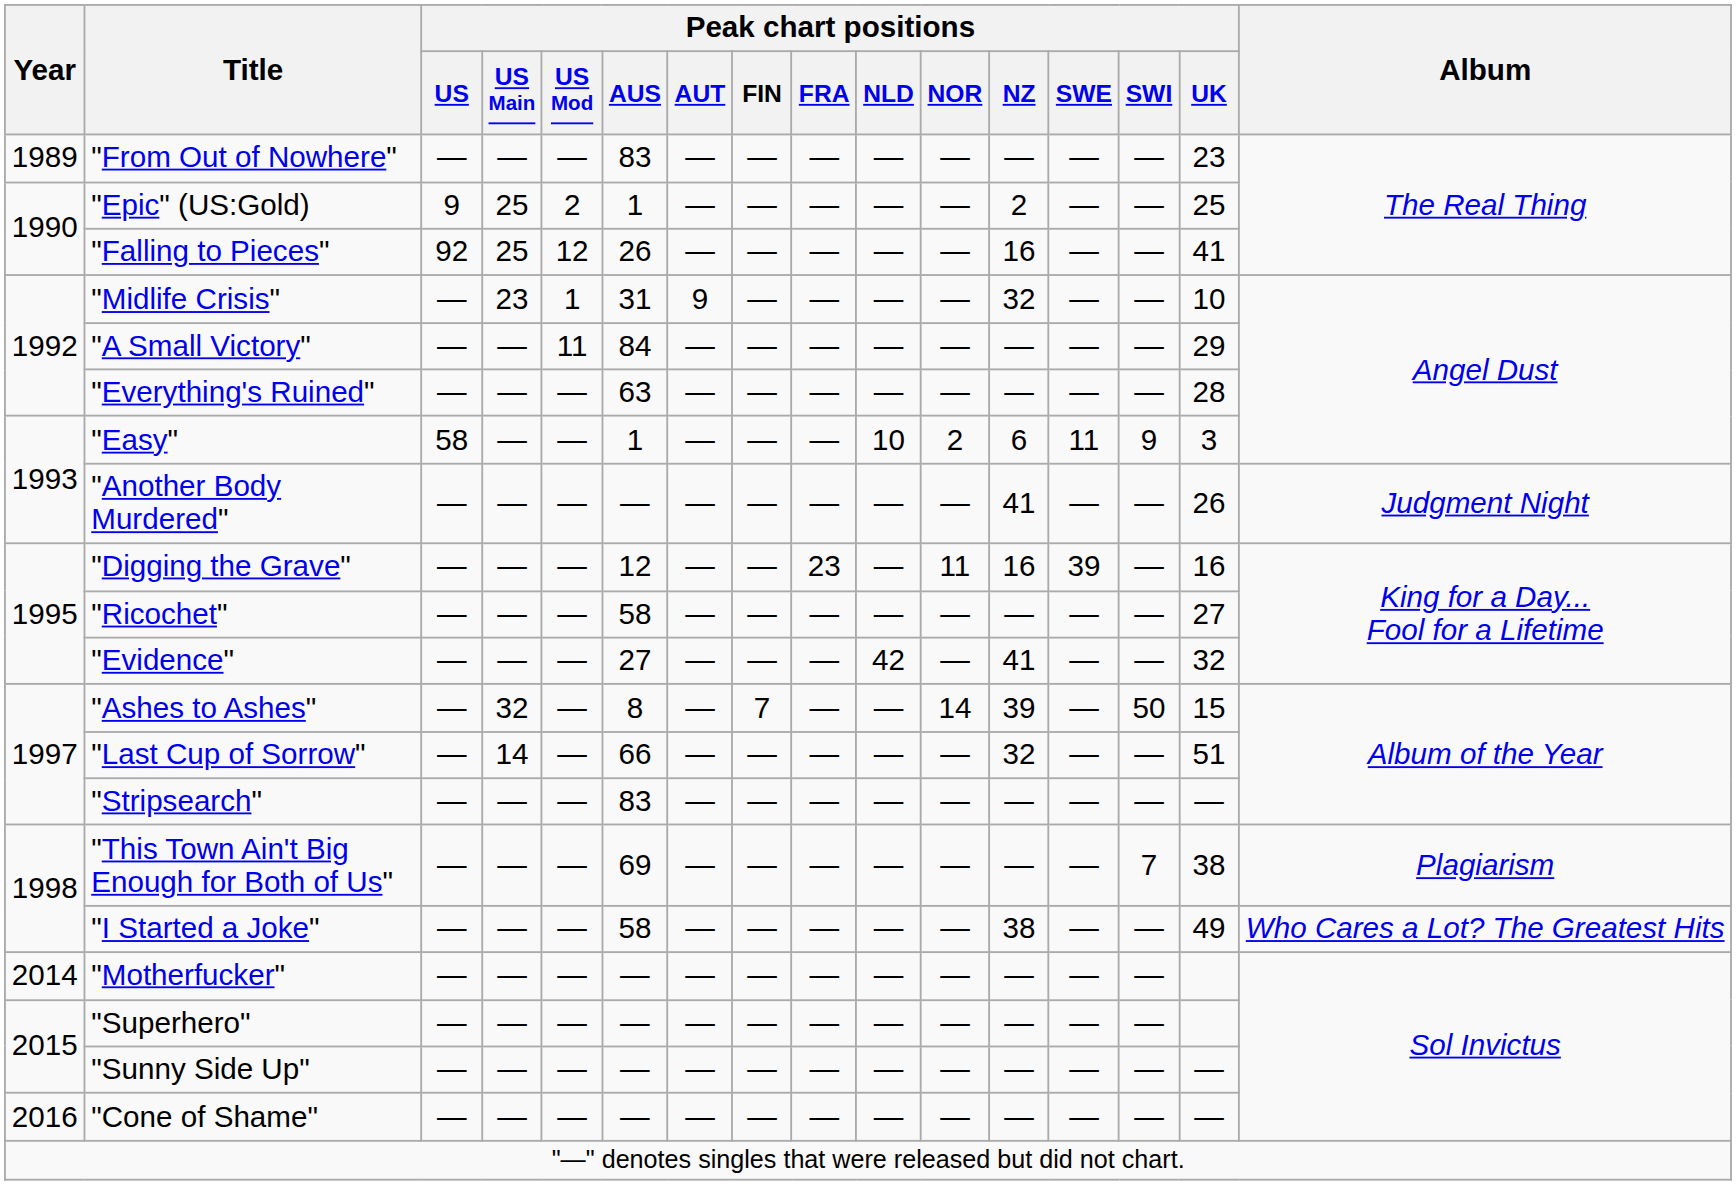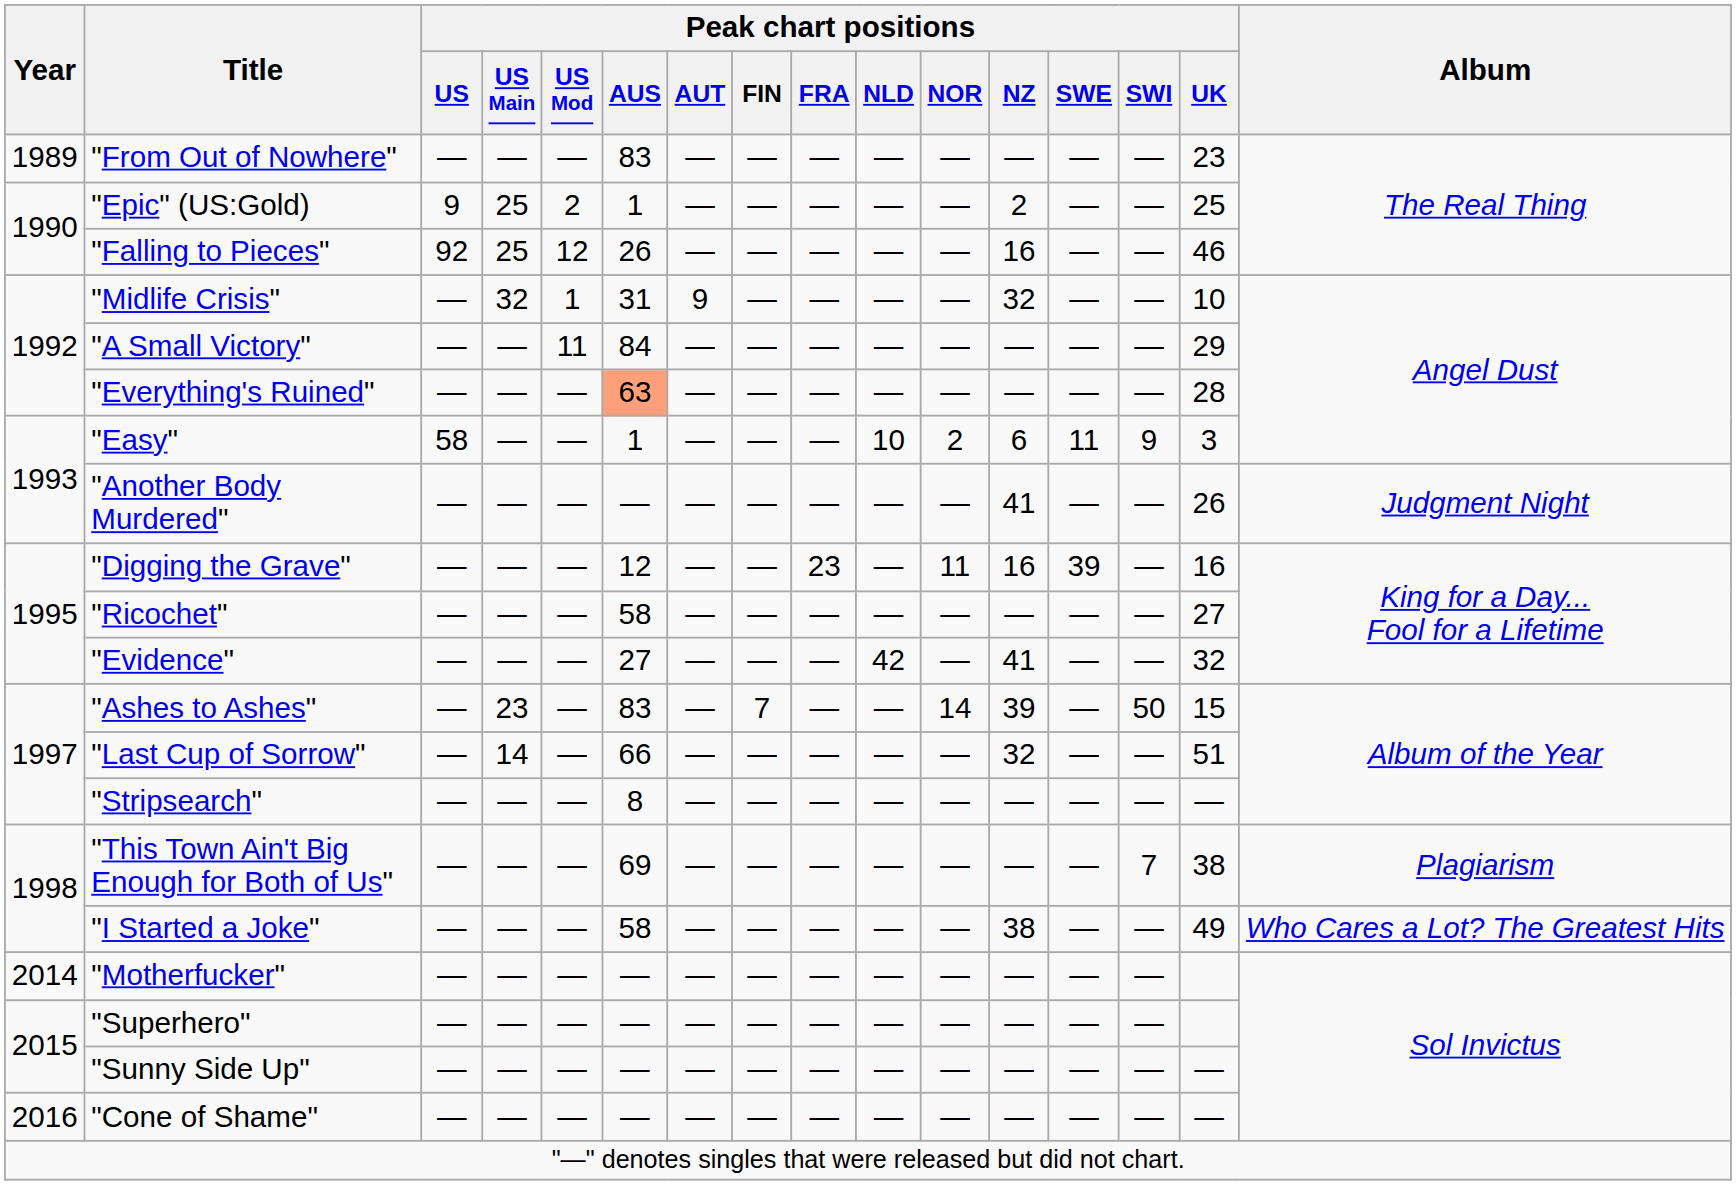 <table class=wikitable style="text-align: center">
 <tr>
 <th rowspan="2" style="width:25px;">Year</th>
 <th rowspan="2" style="width:175px;">Title</th>
 <th colspan=13>Peak chart positions</th>
 <th rowspan=2>Album</th>
 </tr>
 <tr style=valign:bottom>
 <th width=25px><small><a href='#'>US</a><br> </small></th>
 <th width=25px><small><a href='#'>US <sup>Main</sup></a> </small></th>
 <th width=25px><small><a href='#'>US <sup>Mod</sup></a> </small></th>
 <th width=25px><small><a href='#'>AUS</a><br> </small></th>
 <th width=25px><small><a href='#'>AUT</a><br> </small></th>
 <th width=25px><small>FIN<br> </small></th>
 <th width=25px><small><a href='#'>FRA</a><br> </small></th>
 <th width=25px><small><a href='#'>NLD</a><br> </small></th>
 <th width=25px><small><a href='#'>NOR</a><br> </small></th>
 <th width=25px><small><a href='#'>NZ</a><br> </small></th>
 <th width=25px><small><a href='#'>SWE</a><br> </small></th>
 <th width=25px><small><a href='#'>SWI</a><br> </small></th>
 <th width=25px><small><a href='#'>UK</a><br> </small></th>
 </tr>
 <tr>
 <td>1989</td>
 <td align="left">"<a href='#'>From Out of Nowhere</a>"</td>
 <td>—</td>
 <td>—</td>
 <td>—</td>
 <td>83</td>
 <td>—</td>
 <td>—</td>
 <td>—</td>
 <td>—</td>
 <td>—</td>
 <td>—</td>
 <td>—</td>
 <td>—</td>
 <td>23</td>
 <td rowspan=3><em><a href='#'>The Real Thing</a></em></td>
 </tr>
 <tr>
 <td rowspan=2>1990</td>
 <td align="left">"<a href='#'>Epic</a>" (US:Gold)</td>
 <td>9</td>
 <td>25</td>
 <td>2</td>
 <td>1</td>
 <td>—</td>
 <td>—</td>
 <td>—</td>
 <td>—</td>
 <td>—</td>
 <td>2</td>
 <td>—</td>
 <td>—</td>
 <td>25</td>
 </tr>
 <tr>
 <td align="left">"<a href='#'>Falling to Pieces</a>"</td>
 <td>92</td>
 <td>25</td>
 <td>12</td>
 <td>26</td>
 <td>—</td>
 <td>—</td>
 <td>—</td>
 <td>—</td>
 <td>—</td>
 <td>16</td>
 <td>—</td>
 <td>—</td>
-<td>41</td>
+<td>46</td>
 </tr>
 <tr>
 <td rowspan=3>1992</td>
 <td align="left">"<a href='#'>Midlife Crisis</a>"</td>
 <td>—</td>
-<td>23</td>
+<td>32</td>
 <td>1</td>
 <td>31</td>
 <td>9</td>
 <td>—</td>
 <td>—</td>
 <td>—</td>
 <td>—</td>
 <td>32</td>
 <td>—</td>
 <td>—</td>
 <td>10</td>
 <td rowspan=4 style=font-weight:normal;><em><a href='#'>Angel Dust</a></em></td>
 </tr>
 <tr>
 <td align="left">"<a href='#'>A Small Victory</a>"</td>
 <td>—</td>
 <td>—</td>
 <td>11</td>
 <td>84</td>
 <td>—</td>
 <td>—</td>
 <td>—</td>
 <td>—</td>
 <td>—</td>
 <td>—</td>
 <td>—</td>
 <td>—</td>
 <td>29</td>
 </tr>
 <tr>
 <td align="left">"<a href='#'>Everything's Ruined</a>"</td>
 <td>—</td>
 <td>—</td>
 <td>—</td>
-<td>63</td>
+<td style="background: lightsalmon;">63</td>
 <td>—</td>
 <td>—</td>
 <td>—</td>
 <td>—</td>
 <td>—</td>
 <td>—</td>
 <td>—</td>
 <td>—</td>
 <td>28</td>
 </tr>
 <tr>
 <td rowspan=2>1993</td>
 <td align="left">"<a href='#'>Easy</a>"</td>
 <td>58</td>
 <td>—</td>
 <td>—</td>
 <td>1</td>
 <td>—</td>
 <td>—</td>
 <td>—</td>
 <td>10</td>
 <td>2</td>
 <td>6</td>
 <td>11</td>
 <td>9</td>
 <td>3</td>
 </tr>
 <tr>
 <td align="left">"<a href='#'>Another Body Murdered</a>"</td>
 <td>—</td>
 <td>—</td>
 <td>—</td>
 <td>—</td>
 <td>—</td>
 <td>—</td>
 <td>—</td>
 <td>—</td>
 <td>—</td>
 <td>41</td>
 <td>—</td>
 <td>—</td>
 <td>26</td>
 <td><em><a href='#'>Judgment Night</a></em></td>
 </tr>
 <tr>
 <td rowspan=3>1995</td>
 <td align="left">"<a href='#'>Digging the Grave</a>"</td>
 <td>—</td>
 <td>—</td>
 <td>—</td>
 <td>12</td>
 <td>—</td>
 <td>—</td>
 <td>23</td>
 <td>—</td>
 <td>11</td>
 <td>16</td>
 <td>39</td>
 <td>—</td>
 <td>16</td>
 <td rowspan=3 style=font-weight:normal;><em><a href='#'>King for a Day...<br>Fool for a Lifetime</a></em></td>
 </tr>
 <tr>
 <td align="left">"<a href='#'>Ricochet</a>"</td>
 <td>—</td>
 <td>—</td>
 <td>—</td>
 <td>58</td>
 <td>—</td>
 <td>—</td>
 <td>—</td>
 <td>—</td>
 <td>—</td>
 <td>—</td>
 <td>—</td>
 <td>—</td>
 <td>27</td>
 </tr>
 <tr>
 <td align="left">"<a href='#'>Evidence</a>"</td>
 <td>—</td>
 <td>—</td>
 <td>—</td>
 <td>27</td>
 <td>—</td>
 <td>—</td>
 <td>—</td>
 <td>42</td>
 <td>—</td>
 <td>41</td>
 <td>—</td>
 <td>—</td>
 <td>32</td>
 </tr>
 <tr>
 <td rowspan=3>1997</td>
 <td align="left">"<a href='#'>Ashes to Ashes</a>"</td>
 <td>—</td>
-<td>32</td>
+<td>23</td>
 <td>—</td>
-<td>8</td>
+<td>83</td>
 <td>—</td>
 <td>7</td>
 <td>—</td>
 <td>—</td>
 <td>14</td>
 <td>39</td>
 <td>—</td>
 <td>50</td>
 <td>15</td>
 <td rowspan=3><em><a href='#'>Album of the Year</a></em></td>
 </tr>
 <tr>
 <td align="left">"<a href='#'>Last Cup of Sorrow</a>"</td>
 <td>—</td>
 <td>14</td>
 <td>—</td>
 <td>66</td>
 <td>—</td>
 <td>—</td>
 <td>—</td>
 <td>—</td>
 <td>—</td>
 <td>32</td>
 <td>—</td>
 <td>—</td>
 <td>51</td>
 </tr>
 <tr>
 <td align="left">"<a href='#'>Stripsearch</a>"</td>
 <td>—</td>
 <td>—</td>
 <td>—</td>
-<td>83</td>
+<td>8</td>
 <td>—</td>
 <td>—</td>
 <td>—</td>
 <td>—</td>
 <td>—</td>
 <td>—</td>
 <td>—</td>
 <td>—</td>
 <td>—</td>
 </tr>
 <tr>
 <td rowspan=2>1998</td>
 <td align="left">"<a href='#'>This Town Ain't Big Enough for Both of Us</a>"</td>
 <td>—</td>
 <td>—</td>
 <td>—</td>
 <td>69</td>
 <td>—</td>
 <td>—</td>
 <td>—</td>
 <td>—</td>
 <td>—</td>
 <td>—</td>
 <td>—</td>
 <td>7</td>
 <td>38</td>
 <td><em><a href='#'>Plagiarism</a></em></td>
 </tr>
 <tr>
 <td align="left">"<a href='#'>I Started a Joke</a>"</td>
 <td>—</td>
 <td>—</td>
 <td>—</td>
 <td>58</td>
 <td>—</td>
 <td>—</td>
 <td>—</td>
 <td>—</td>
 <td>—</td>
 <td>38</td>
 <td>—</td>
 <td>—</td>
 <td>49</td>
 <td style=font-weight:normal;><em><a href='#'>Who Cares a Lot? The Greatest Hits</a></em></td>
 </tr>
 <tr>
 <td>2014</td>
 <td align="left">"<a href='#'>Motherfucker</a>"</td>
 <td>—</td>
 <td>—</td>
 <td>—</td>
 <td>—</td>
 <td>—</td>
 <td>—</td>
 <td>—</td>
 <td>—</td>
 <td>—</td>
 <td>—</td>
 <td>—</td>
 <td>—</td>
 <td></td>
 <td rowspan=4 style=font-weight:normal;><em><a href='#'>Sol Invictus</a></em></td>
 </tr>
 <tr>
 <td rowspan=2>2015</td>
 <td align="left">"Superhero"</td>
 <td>—</td>
 <td>—</td>
 <td>—</td>
 <td>—</td>
 <td>—</td>
 <td>—</td>
 <td>—</td>
 <td>—</td>
 <td>—</td>
 <td>—</td>
 <td>—</td>
 <td>—</td>
 <td></td>
 </tr>
 <tr>
 <td align="left">"Sunny Side Up"</td>
 <td>—</td>
 <td>—</td>
 <td>—</td>
 <td>—</td>
 <td>—</td>
 <td>—</td>
 <td>—</td>
 <td>—</td>
 <td>—</td>
 <td>—</td>
 <td>—</td>
 <td>—</td>
 <td>—</td>
 </tr>
 <tr>
 <td>2016</td>
 <td align="left">"Cone of Shame"</td>
 <td>—</td>
 <td>—</td>
 <td>—</td>
 <td>—</td>
 <td>—</td>
 <td>—</td>
 <td>—</td>
 <td>—</td>
 <td>—</td>
 <td>—</td>
 <td>—</td>
 <td>—</td>
 <td>—</td>
 </tr>
 <tr>
 <td colspan=16 style=font-size:85%;>"—" denotes singles that were released but did not chart.</td>
 </tr>
 </table>
